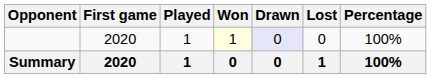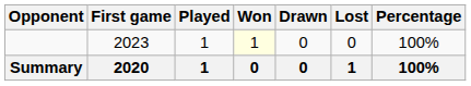 <table class="wikitable" style="text-align: center;">
 <tr>
 <th>Opponent</th>
 <th>First game</th>
 <th>Played</th>
 <th>Won</th>
 <th>Drawn</th>
 <th>Lost</th>
 <th>Percentage</th>
 </tr>
 <tr>
 <td style="text-align: left;"></td>
-<td>2020</td>
+<td>2023</td>
 <td>1</td>
 <td style="background: lightyellow;">1</td>
-<td style="background: lavender;">0</td>
+<td>0</td>
 <td>0</td>
 <td>100%</td>
 </tr>
 <tr>
 <th>Summary</th>
 <th>2020</th>
 <th>1</th>
 <th>0</th>
 <th>0</th>
 <th>1</th>
 <th>100%</th>
 </tr>
 </table>
